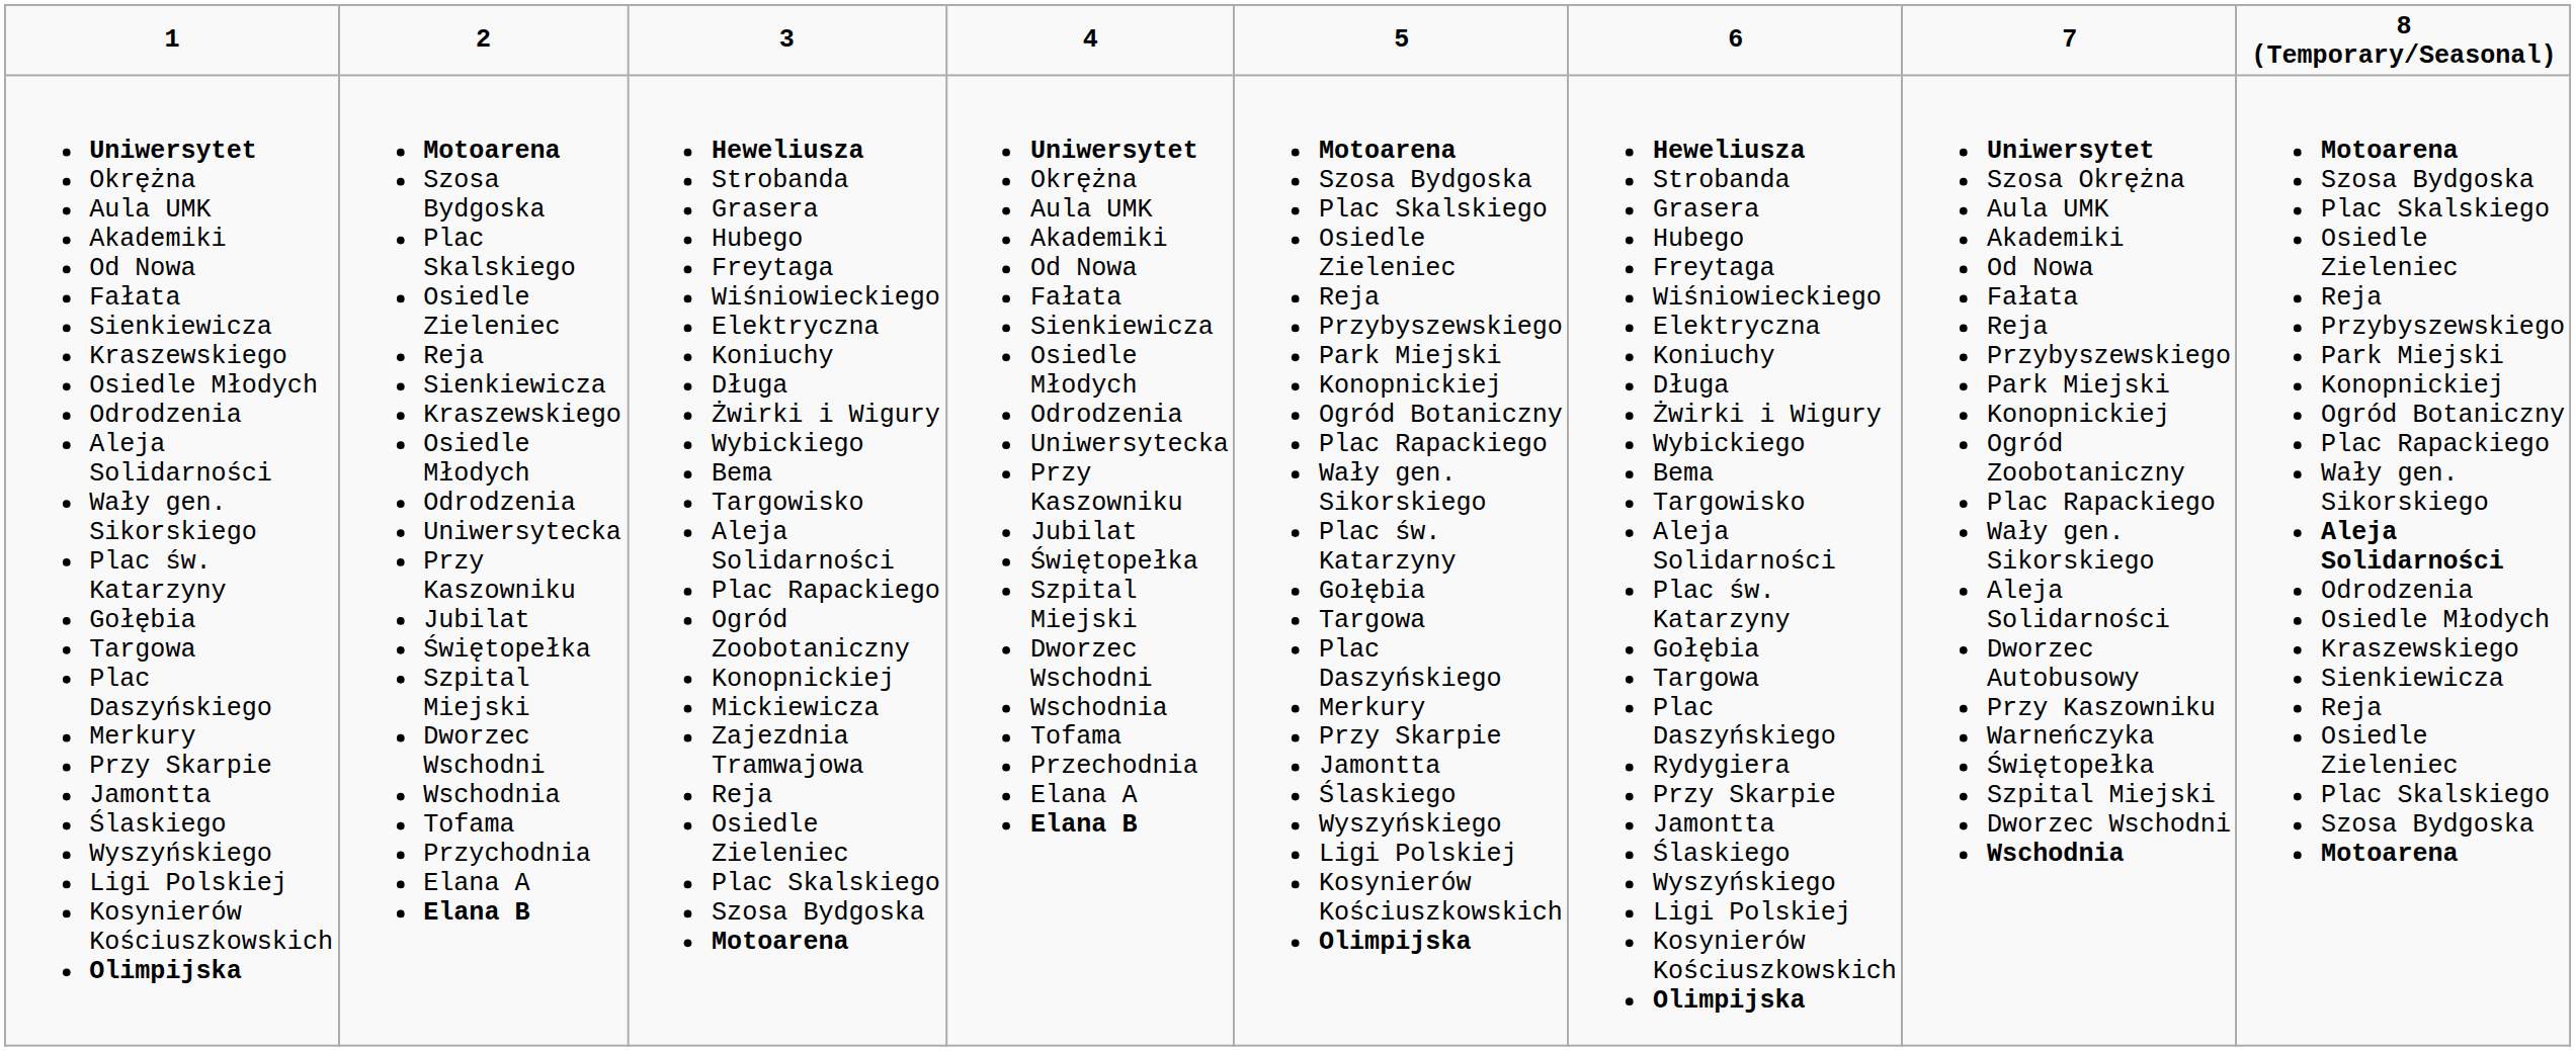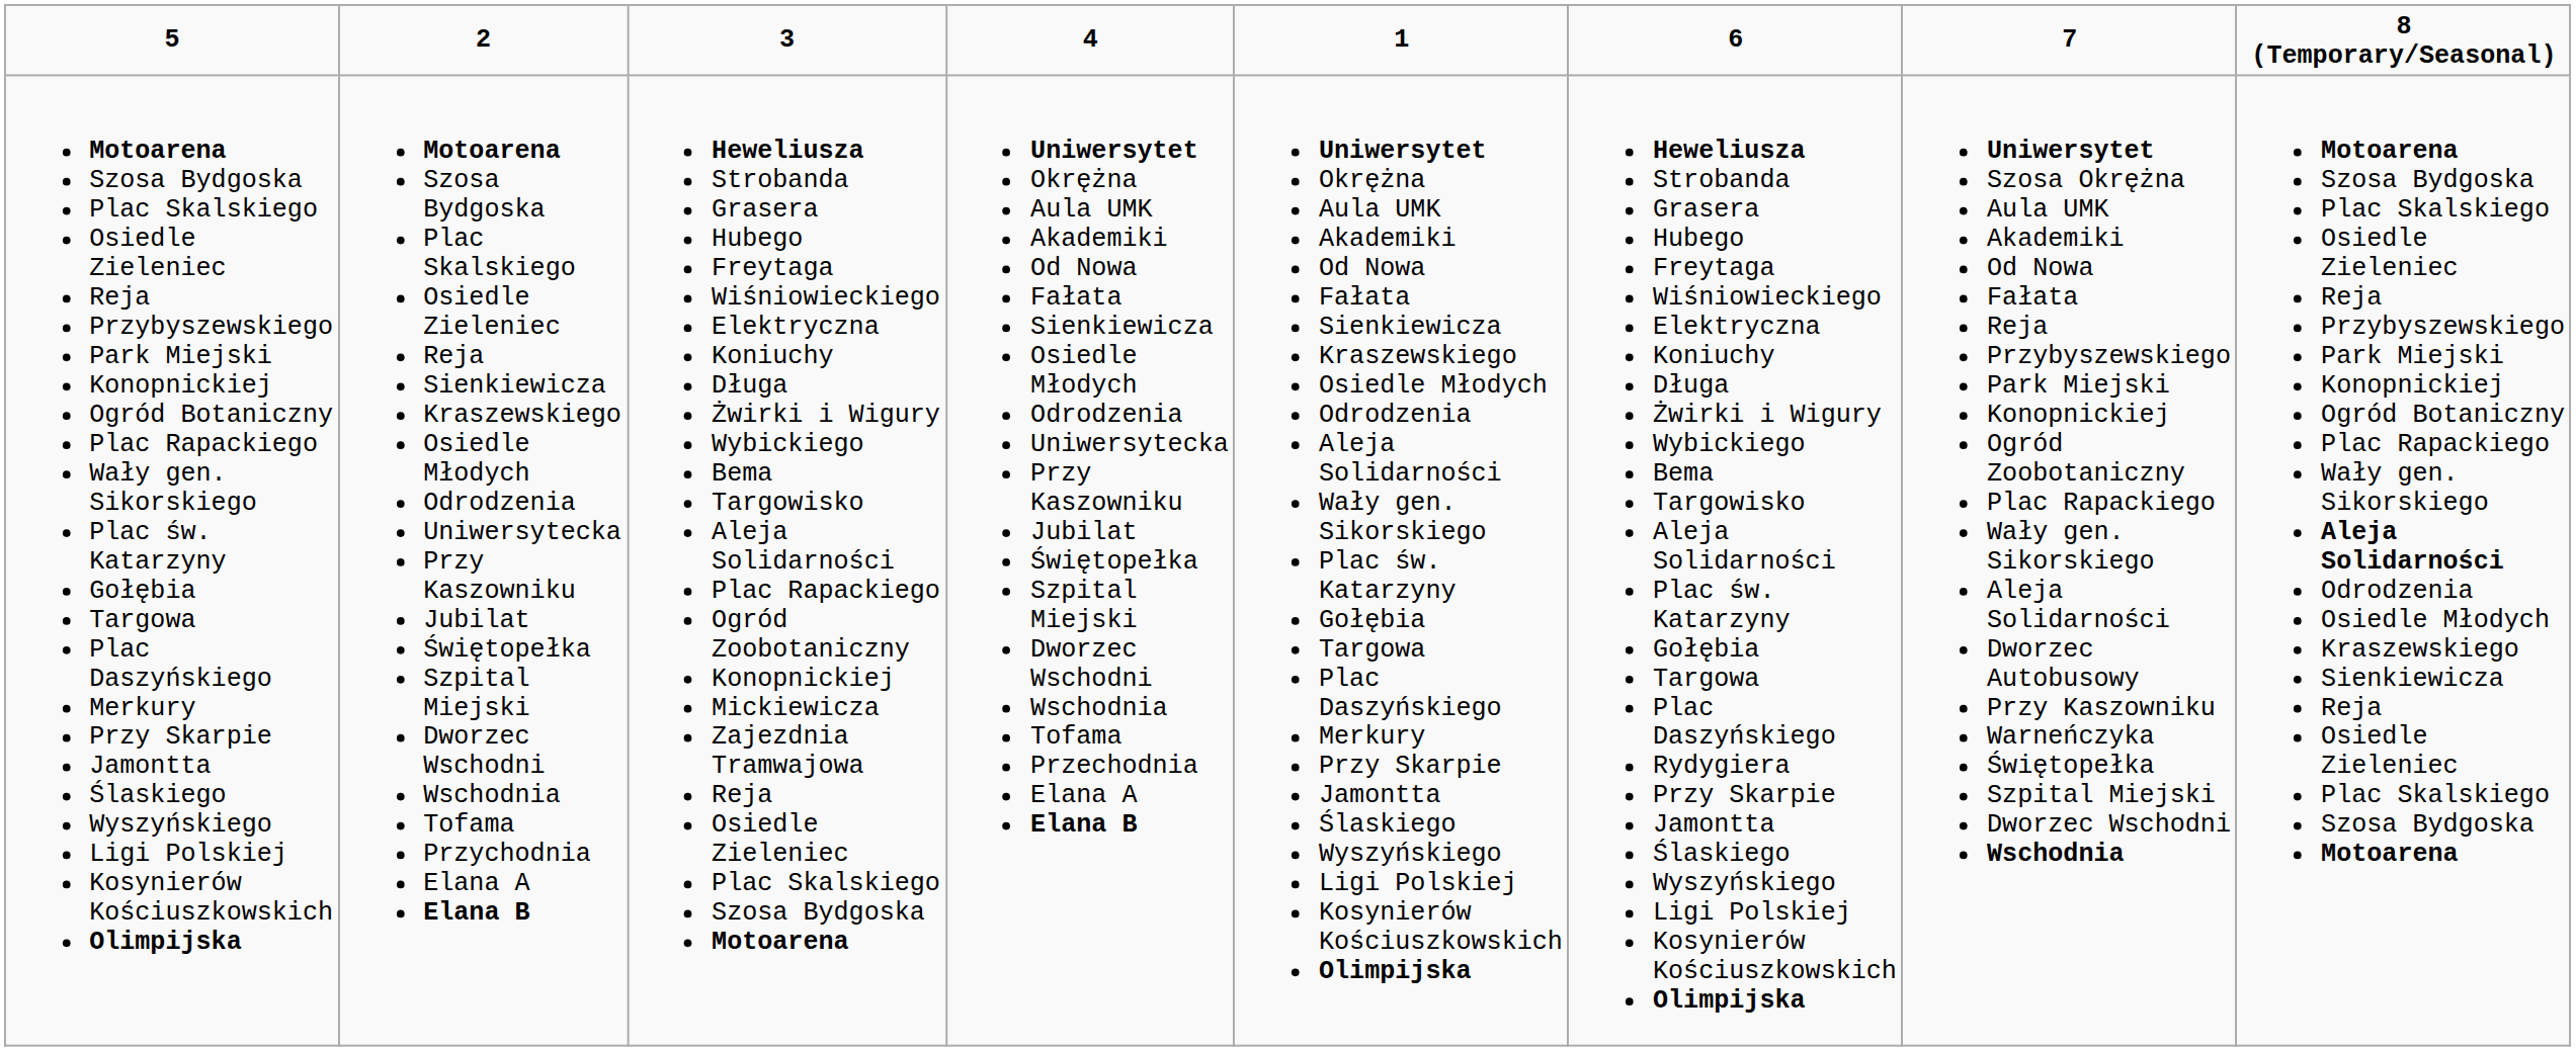 <table class="wikitable">
 <tr style="text-align:center">
-<td><strong>1</strong></td>
+<td><strong>5</strong></td>
 <td><strong>2</strong></td>
 <td><strong>3</strong></td>
 <td><strong>4</strong></td>
-<td><strong>5</strong></td>
+<td><strong>1</strong></td>
 <td><strong>6</strong></td>
 <td><strong>7</strong></td>
 <td><strong>8 (Temporary/Seasonal)</strong></td>
 </tr>
 <tr valign="top">
-<td><br><ul><li><strong>Uniwersytet</strong></li><li>Okrężna</li><li>Aula UMK</li><li>Akademiki</li><li>Od Nowa</li><li>Fałata</li><li>Sienkiewicza</li><li>Kraszewskiego</li><li>Osiedle Młodych</li><li>Odrodzenia</li><li>Aleja Solidarności</li><li>Wały gen. Sikorskiego</li><li>Plac św. Katarzyny</li><li>Gołębia</li><li>Targowa</li><li>Plac Daszyńskiego</li><li>Merkury</li><li>Przy Skarpie</li><li>Jamontta</li><li>Ślaskiego</li><li>Wyszyńskiego</li><li>Ligi Polskiej</li><li>Kosynierów Kościuszkowskich</li><li><strong>Olimpijska</strong></li></ul></td>
+<td><br><ul><li><strong>Motoarena</strong></li><li>Szosa Bydgoska</li><li>Plac Skalskiego</li><li>Osiedle Zieleniec</li><li>Reja</li><li>Przybyszewskiego</li><li>Park Miejski</li><li>Konopnickiej</li><li>Ogród Botaniczny</li><li>Plac Rapackiego</li><li>Wały gen. Sikorskiego</li><li>Plac św. Katarzyny</li><li>Gołębia</li><li>Targowa</li><li>Plac Daszyńskiego</li><li>Merkury</li><li>Przy Skarpie</li><li>Jamontta</li><li>Ślaskiego</li><li>Wyszyńskiego</li><li>Ligi Polskiej</li><li>Kosynierów Kościuszkowskich</li><li><strong>Olimpijska</strong></li></ul></td>
 <td><br><ul><li><strong>Motoarena</strong></li><li>Szosa Bydgoska</li><li>Plac Skalskiego</li><li>Osiedle Zieleniec</li><li>Reja</li><li>Sienkiewicza</li><li>Kraszewskiego</li><li>Osiedle Młodych</li><li>Odrodzenia</li><li>Uniwersytecka</li><li>Przy Kaszowniku</li><li>Jubilat</li><li>Świętopełka</li><li>Szpital Miejski</li><li>Dworzec Wschodni</li><li>Wschodnia</li><li>Tofama</li><li>Przychodnia</li><li>Elana A</li><li><strong>Elana B</strong></li></ul></td>
 <td><br><ul><li><strong>Heweliusza</strong></li><li>Strobanda</li><li>Grasera</li><li>Hubego</li><li>Freytaga</li><li>Wiśniowieckiego</li><li>Elektryczna</li><li>Koniuchy</li><li>Długa</li><li>Żwirki i Wigury</li><li>Wybickiego</li><li>Bema</li><li>Targowisko</li><li>Aleja Solidarności</li><li>Plac Rapackiego</li><li>Ogród Zoobotaniczny</li><li>Konopnickiej</li><li>Mickiewicza</li><li>Zajezdnia Tramwajowa</li><li>Reja</li><li>Osiedle Zieleniec</li><li>Plac Skalskiego</li><li>Szosa Bydgoska</li><li><strong>Motoarena</strong></li></ul></td>
 <td><br><ul><li><strong>Uniwersytet</strong></li><li>Okrężna</li><li>Aula UMK</li><li>Akademiki</li><li>Od Nowa</li><li>Fałata</li><li>Sienkiewicza</li><li>Osiedle Młodych</li><li>Odrodzenia</li><li>Uniwersytecka</li><li>Przy Kaszowniku</li><li>Jubilat</li><li>Świętopełka</li><li>Szpital Miejski</li><li>Dworzec Wschodni</li><li>Wschodnia</li><li>Tofama</li><li>Przechodnia</li><li>Elana A</li><li><strong>Elana B</strong></li></ul></td>
-<td><br><ul><li><strong>Motoarena</strong></li><li>Szosa Bydgoska</li><li>Plac Skalskiego</li><li>Osiedle Zieleniec</li><li>Reja</li><li>Przybyszewskiego</li><li>Park Miejski</li><li>Konopnickiej</li><li>Ogród Botaniczny</li><li>Plac Rapackiego</li><li>Wały gen. Sikorskiego</li><li>Plac św. Katarzyny</li><li>Gołębia</li><li>Targowa</li><li>Plac Daszyńskiego</li><li>Merkury</li><li>Przy Skarpie</li><li>Jamontta</li><li>Ślaskiego</li><li>Wyszyńskiego</li><li>Ligi Polskiej</li><li>Kosynierów Kościuszkowskich</li><li><strong>Olimpijska</strong></li></ul></td>
+<td><br><ul><li><strong>Uniwersytet</strong></li><li>Okrężna</li><li>Aula UMK</li><li>Akademiki</li><li>Od Nowa</li><li>Fałata</li><li>Sienkiewicza</li><li>Kraszewskiego</li><li>Osiedle Młodych</li><li>Odrodzenia</li><li>Aleja Solidarności</li><li>Wały gen. Sikorskiego</li><li>Plac św. Katarzyny</li><li>Gołębia</li><li>Targowa</li><li>Plac Daszyńskiego</li><li>Merkury</li><li>Przy Skarpie</li><li>Jamontta</li><li>Ślaskiego</li><li>Wyszyńskiego</li><li>Ligi Polskiej</li><li>Kosynierów Kościuszkowskich</li><li><strong>Olimpijska</strong></li></ul></td>
 <td><br><ul><li><strong>Heweliusza</strong></li><li>Strobanda</li><li>Grasera</li><li>Hubego</li><li>Freytaga</li><li>Wiśniowieckiego</li><li>Elektryczna</li><li>Koniuchy</li><li>Długa</li><li>Żwirki i Wigury</li><li>Wybickiego</li><li>Bema</li><li>Targowisko</li><li>Aleja Solidarności</li><li>Plac św. Katarzyny</li><li>Gołębia</li><li>Targowa</li><li>Plac Daszyńskiego</li><li>Rydygiera</li><li>Przy Skarpie</li><li>Jamontta</li><li>Ślaskiego</li><li>Wyszyńskiego</li><li>Ligi Polskiej</li><li>Kosynierów Kościuszkowskich</li><li><strong>Olimpijska</strong></li></ul></td>
 <td><br><ul><li><strong>Uniwersytet</strong></li><li>Szosa Okrężna</li><li>Aula UMK</li><li>Akademiki</li><li>Od Nowa</li><li>Fałata</li><li>Reja</li><li>Przybyszewskiego</li><li>Park Miejski</li><li>Konopnickiej</li><li>Ogród Zoobotaniczny</li><li>Plac Rapackiego</li><li>Wały gen. Sikorskiego</li><li>Aleja Solidarności</li><li>Dworzec Autobusowy</li><li>Przy Kaszowniku</li><li>Warneńczyka</li><li>Świętopełka</li><li>Szpital Miejski</li><li>Dworzec Wschodni</li><li><strong>Wschodnia</strong></li></ul></td>
 <td><br><ul><li><strong>Motoarena</strong></li><li>Szosa Bydgoska</li><li>Plac Skalskiego</li><li>Osiedle Zieleniec</li><li>Reja</li><li>Przybyszewskiego</li><li>Park Miejski</li><li>Konopnickiej</li><li>Ogród Botaniczny</li><li>Plac Rapackiego</li><li>Wały gen. Sikorskiego</li><li><strong>Aleja Solidarności</strong></li><li>Odrodzenia</li><li>Osiedle Młodych</li><li>Kraszewskiego</li><li>Sienkiewicza</li><li>Reja</li><li>Osiedle Zieleniec</li><li>Plac Skalskiego</li><li>Szosa Bydgoska</li><li><strong>Motoarena</strong></li></ul></td>
 </tr>
 </table>
